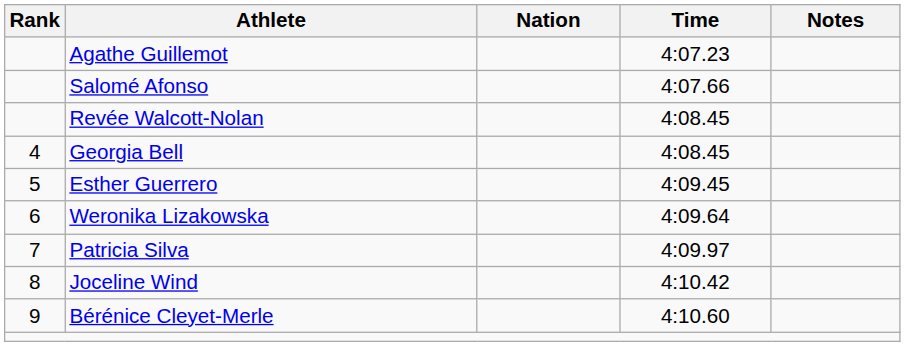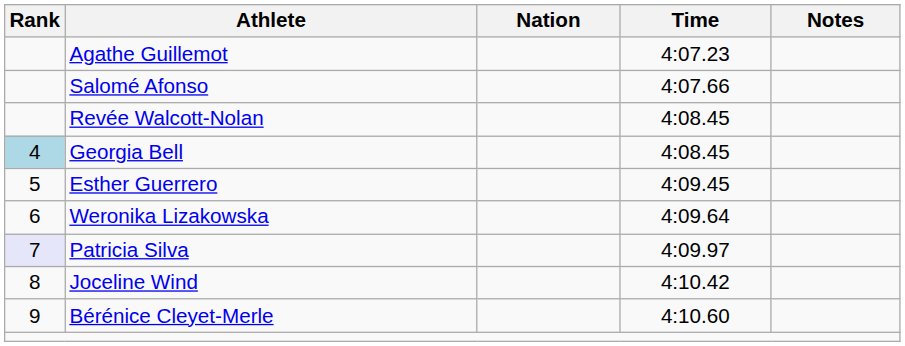 <table class="wikitable sortable" style="text-align:center;width: 55%;">
 <tr>
 <th scope="col" style="width: 10px;">Rank</th>
 <th scope="col">Athlete</th>
 <th scope="col">Nation</th>
 <th scope="col">Time</th>
 <th scope="col">Notes</th>
 </tr>
 <tr>
 <td></td>
 <td align=left><a href='#'>Agathe Guillemot</a></td>
 <td align=left></td>
 <td>4:07.23</td>
 <td></td>
 </tr>
 <tr>
 <td></td>
 <td align=left><a href='#'>Salomé Afonso</a></td>
 <td align=left></td>
 <td>4:07.66</td>
 <td></td>
 </tr>
 <tr>
 <td></td>
 <td align=left><a href='#'>Revée Walcott-Nolan</a></td>
 <td align=left></td>
 <td>4:08.45 </td>
 <td></td>
 </tr>
 <tr>
-<td>4</td>
+<td style="background: lightblue;">4</td>
 <td align=left><a href='#'>Georgia Bell</a></td>
 <td align=left></td>
 <td>4:08.45 </td>
 <td></td>
 </tr>
 <tr>
 <td>5</td>
 <td align=left><a href='#'>Esther Guerrero</a></td>
 <td align=left></td>
 <td>4:09.45</td>
 <td></td>
 </tr>
 <tr>
 <td>6</td>
 <td align=left><a href='#'>Weronika Lizakowska</a></td>
 <td align=left></td>
 <td>4:09.64</td>
 <td></td>
 </tr>
 <tr>
-<td>7</td>
+<td style="background: lavender;">7</td>
 <td align=left><a href='#'>Patricia Silva</a></td>
 <td align=left></td>
 <td>4:09.97</td>
 <td></td>
 </tr>
 <tr>
 <td>8</td>
 <td align=left><a href='#'>Joceline Wind</a></td>
 <td align=left></td>
 <td>4:10.42</td>
 <td></td>
 </tr>
 <tr>
 <td>9</td>
 <td align=left><a href='#'>Bérénice Cleyet-Merle</a></td>
 <td align=left></td>
 <td>4:10.60</td>
 <td></td>
 </tr>
 <tr class="sortbottom">
 <td colspan="5"></td>
 </tr>
 </table>
